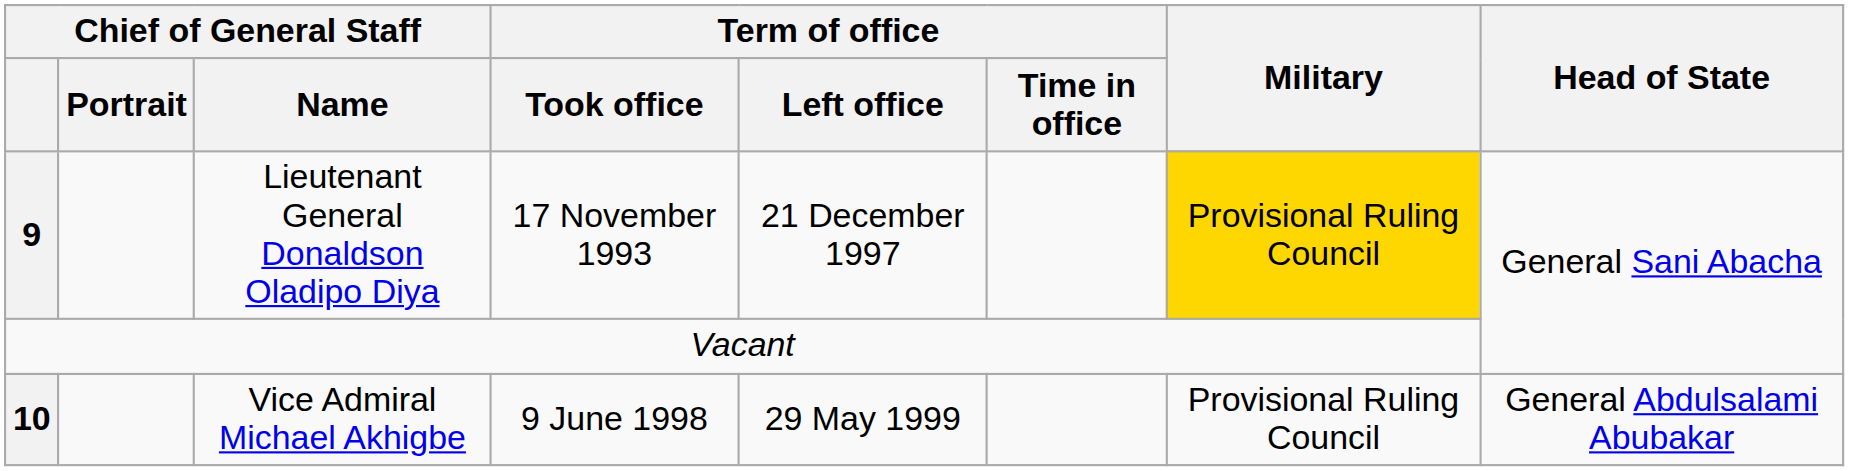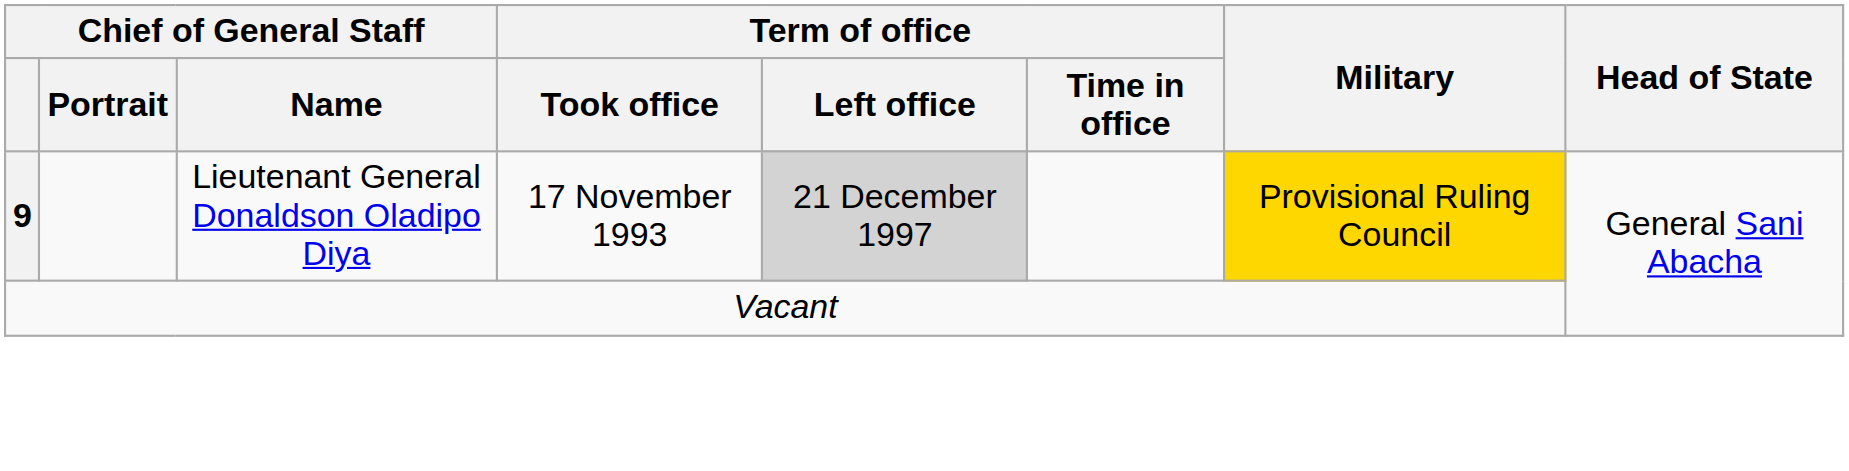 <table class="wikitable" style="text-align:center">
 <tr>
 <th colspan=3>Chief of General Staff</th>
 <th colspan=3>Term of office</th>
 <th rowspan=2>Military</th>
 <th rowspan=2>Head of State</th>
 </tr>
 <tr>
 <th></th>
 <th>Portrait</th>
 <th>Name<br></th>
 <th>Took office</th>
 <th>Left office</th>
 <th>Time in office</th>
 </tr>
 <tr>
 <th style="background:">9</th>
 <td></td>
 <td>Lieutenant General<br><a href='#'>Donaldson Oladipo Diya</a><br></td>
 <td>17 November 1993</td>
-<td>21 December 1997<br></td>
+<td style="background: lightgrey;">21 December 1997<br></td>
 <td></td>
 <td style="background: gold;">Provisional Ruling Council</td>
 <td rowspan = 2>General <a href='#'>Sani Abacha</a></td>
 </tr>
 <tr>
 <td colspan="7"><em>Vacant</em><br></td>
 </tr>
-<tr>
-<th style="background:">10</th>
-<td></td>
-<td>Vice Admiral<br><a href='#'>Michael Akhigbe</a><br></td>
-<td>9 June 1998</td>
-<td>29 May 1999<br></td>
-<td></td>
-<td>Provisional Ruling Council</td>
-<td>General <a href='#'>Abdulsalami Abubakar</a></td>
-</tr>
 </table>
